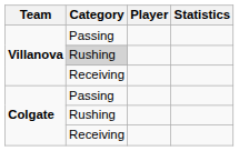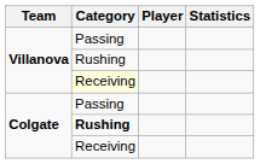 <table class="wikitable" style="float: right;">
 <tr>
 <th>Team</th>
 <th>Category</th>
 <th>Player</th>
 <th>Statistics</th>
 </tr>
 <tr>
 <td rowspan=3><strong>Villanova</strong></td>
 <td>Passing</td>
 <td></td>
 <td></td>
 </tr>
 <tr>
-<td style="background: lightgrey;">Rushing</td>
+<td>Rushing</td>
 <td></td>
 <td></td>
 </tr>
 <tr>
-<td>Receiving</td>
+<td style="background: lightyellow;">Receiving</td>
 <td></td>
 <td></td>
 </tr>
 <tr>
 <td rowspan=3><strong>Colgate</strong></td>
 <td>Passing</td>
 <td></td>
 <td></td>
 </tr>
 <tr>
-<td>Rushing</td>
+<td><strong>Rushing</strong></td>
 <td></td>
 <td></td>
 </tr>
 <tr>
 <td>Receiving</td>
 <td></td>
 <td></td>
 </tr>
 </table>
